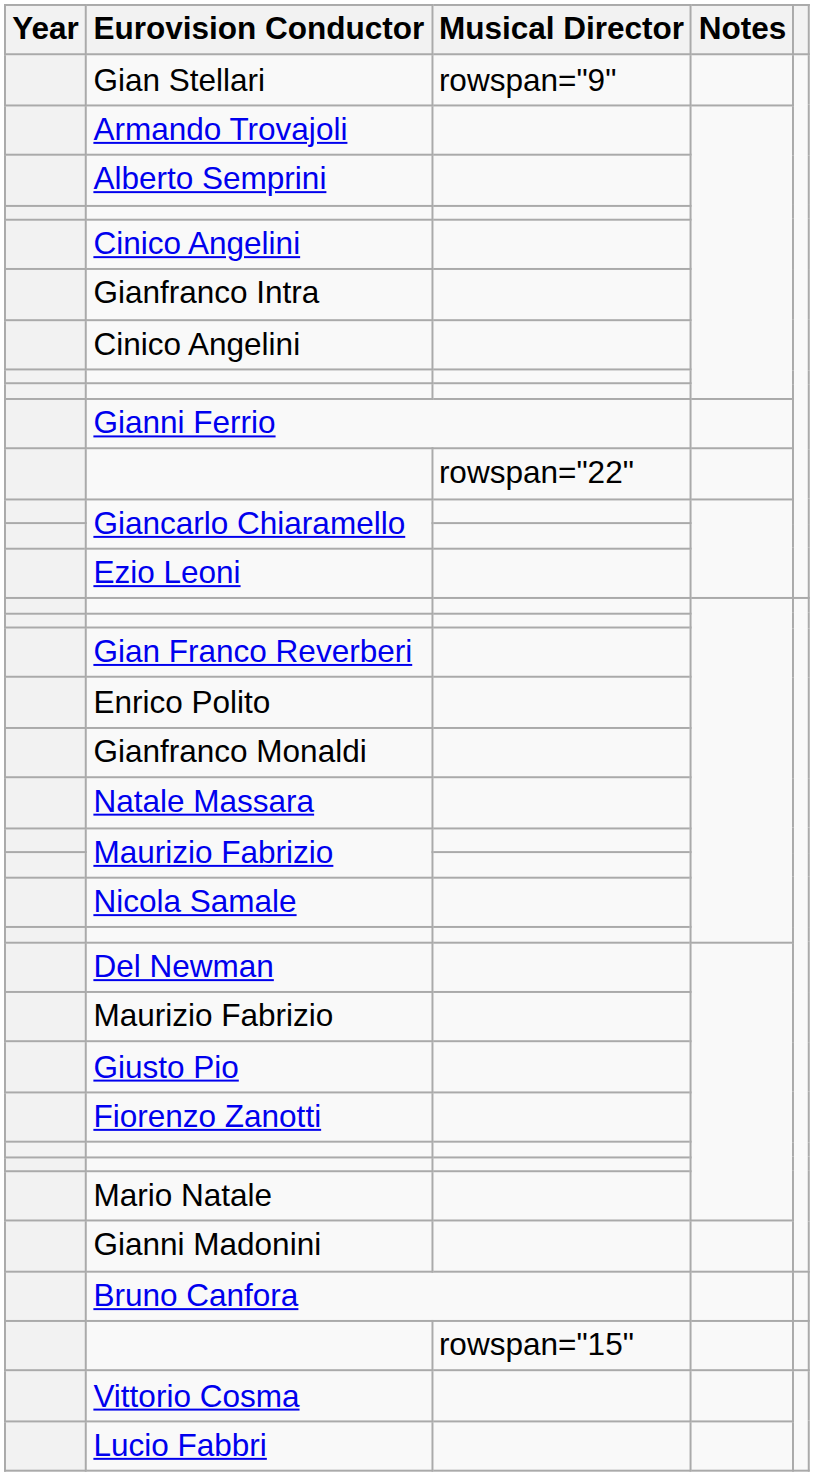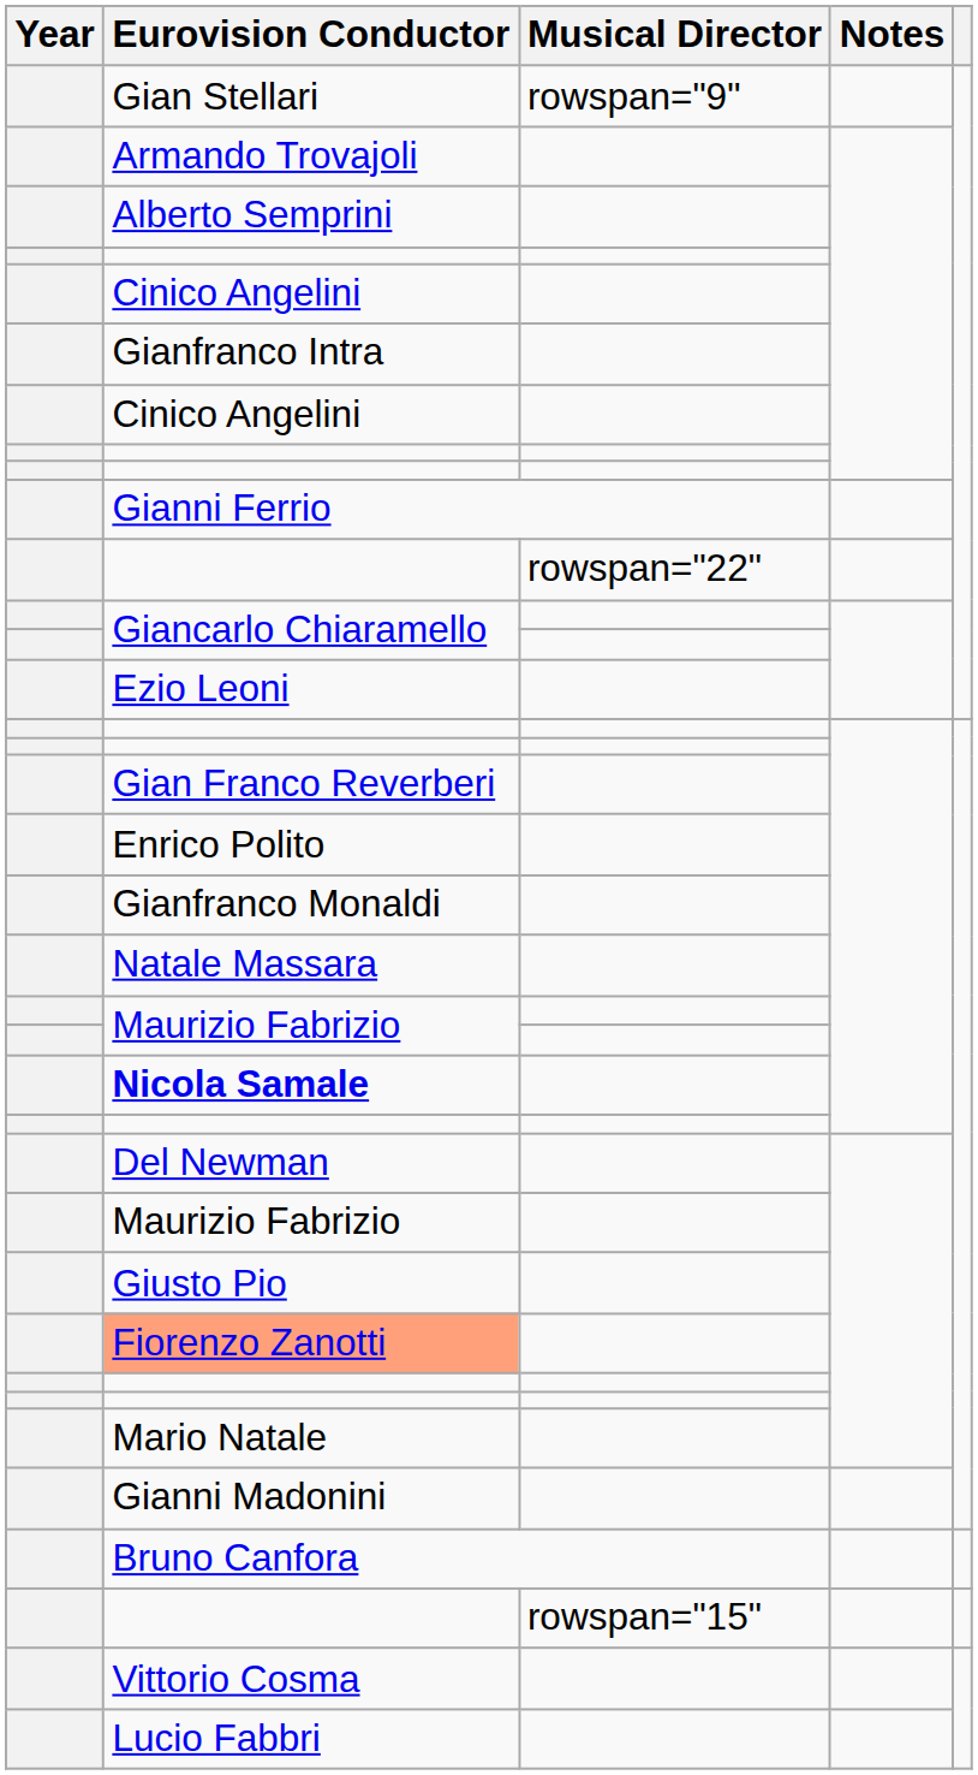 <table class="wikitable plainrowheaders">
 <tr>
 <th>Year</th>
 <th>Eurovision Conductor</th>
 <th>Musical Director</th>
 <th>Notes</th>
 <th></th>
 </tr>
 <tr>
 <th scope="row"></th>
 <td>Gian Stellari</td>
 <td>rowspan="9" </td>
 <td></td>
 <td rowspan="14"></td>
 </tr>
 <tr>
 <th scope="row"></th>
 <td><a href='#'>Armando Trovajoli</a></td>
 <td></td>
 </tr>
 <tr>
 <th scope="row"></th>
 <td>  <a href='#'>Alberto Semprini</a></td>
 <td></td>
 </tr>
 <tr>
 <th scope="row"></th>
 <td></td>
 <td></td>
 </tr>
 <tr>
 <th scope="row"></th>
 <td><a href='#'>Cinico Angelini</a></td>
 <td></td>
 </tr>
 <tr>
 <th scope="row"></th>
 <td>Gianfranco Intra</td>
 <td></td>
 </tr>
 <tr>
 <th scope="row"></th>
 <td>Cinico Angelini</td>
 <td></td>
 </tr>
 <tr>
 <th scope="row"></th>
 <td></td>
 <td></td>
 </tr>
 <tr>
 <th scope="row"></th>
 <td></td>
 <td></td>
 </tr>
 <tr>
 <th scope="row"></th>
 <td colspan="2"><a href='#'>Gianni Ferrio</a></td>
 <td></td>
 </tr>
 <tr>
 <th scope="row"></th>
 <td></td>
 <td>rowspan="22" </td>
 <td></td>
 </tr>
 <tr>
 <th scope="row"></th>
 <td rowspan="2"><a href='#'>Giancarlo Chiaramello</a></td>
 <td></td>
 </tr>
 <tr>
 <th scope="row"></th>
 <td></td>
 </tr>
 <tr>
 <th scope="row"></th>
 <td><a href='#'>Ezio Leoni</a></td>
 <td></td>
 </tr>
 <tr>
 <th scope="row"></th>
 <td></td>
 <td></td>
 <td rowspan="10"></td>
 </tr>
 <tr>
 <th scope="row"></th>
 <td></td>
 <td></td>
 </tr>
 <tr>
 <th scope="row"></th>
 <td><a href='#'>Gian Franco Reverberi</a></td>
 <td></td>
 </tr>
 <tr>
 <th scope="row"></th>
 <td>Enrico Polito</td>
 <td></td>
 </tr>
 <tr>
 <th scope="row"></th>
 <td>Gianfranco Monaldi</td>
 <td></td>
 </tr>
 <tr>
 <th scope="row"></th>
 <td><a href='#'>Natale Massara</a></td>
 <td></td>
 </tr>
 <tr>
 <th scope="row"></th>
 <td rowspan="2"><a href='#'>Maurizio Fabrizio</a></td>
 <td></td>
 </tr>
 <tr>
 <th scope="row"></th>
 <td></td>
 </tr>
 <tr>
 <th scope="row"></th>
-<td><a href='#'>Nicola Samale</a></td>
+<td><strong><a href='#'>Nicola Samale</a></strong></td>
 <td></td>
 </tr>
 <tr>
 <th scope="row"></th>
 <td></td>
 <td></td>
 </tr>
 <tr>
 <th scope="row"></th>
 <td> <a href='#'>Del Newman</a></td>
 <td></td>
 <td rowspan="7"></td>
 </tr>
 <tr>
 <th scope="row"></th>
 <td>Maurizio Fabrizio</td>
 <td></td>
 </tr>
 <tr>
 <th scope="row"></th>
 <td><a href='#'>Giusto Pio</a></td>
 <td></td>
 </tr>
 <tr>
 <th scope="row"></th>
-<td><a href='#'>Fiorenzo Zanotti</a></td>
+<td style="background: lightsalmon;"><a href='#'>Fiorenzo Zanotti</a></td>
 <td></td>
 </tr>
 <tr>
 <th scope="row"></th>
 <td></td>
 <td></td>
 </tr>
 <tr>
 <th scope="row"></th>
 <td></td>
 <td></td>
 </tr>
 <tr>
 <th scope="row"></th>
 <td>Mario Natale</td>
 <td></td>
 </tr>
 <tr>
 <th scope="row"></th>
 <td>Gianni Madonini</td>
 <td></td>
 <td></td>
 </tr>
 <tr>
 <th scope="row"></th>
 <td colspan="2"><a href='#'>Bruno Canfora</a></td>
 <td></td>
 <td></td>
 </tr>
 <tr>
 <th scope="row"></th>
 <td></td>
 <td>rowspan="15" </td>
 <td></td>
 <td></td>
 </tr>
 <tr>
 <th scope="row"></th>
 <td><a href='#'>Vittorio Cosma</a></td>
 <td></td>
 <td></td>
 </tr>
 <tr>
 <th scope="row"></th>
 <td><a href='#'>Lucio Fabbri</a></td>
 <td></td>
 <td></td>
 </tr>
 </table>
